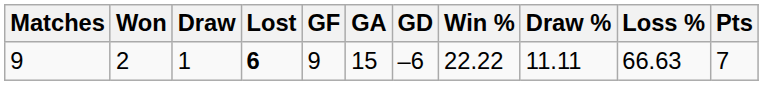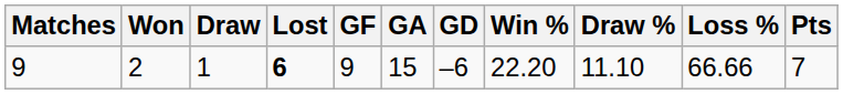 <table class="wikitable">
 <tr>
 <th>Matches</th>
 <th>Won</th>
 <th>Draw</th>
 <th>Lost</th>
 <th>GF</th>
 <th>GA</th>
 <th>GD</th>
 <th>Win %</th>
 <th>Draw %</th>
 <th>Loss %</th>
 <th>Pts</th>
 </tr>
 <tr>
 <td>9</td>
 <td>2</td>
 <td>1</td>
 <td><strong>6</strong></td>
 <td>9</td>
 <td>15</td>
 <td>–6</td>
-<td>22.22</td>
-<td>11.11</td>
-<td>66.63</td>
+<td>22.20</td>
+<td>11.10</td>
+<td>66.66</td>
 <td>7</td>
 </tr>
 </table>
